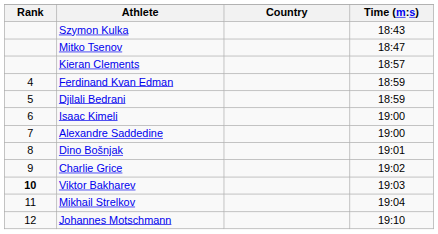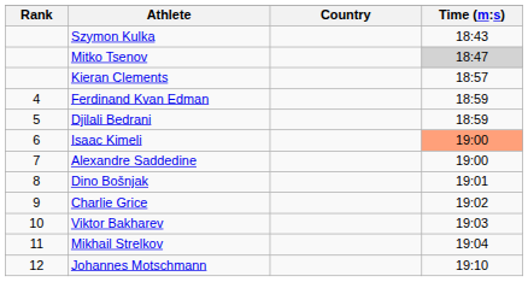 <table class="wikitable" style="width:50%;">
 <tr>
 </tr>
 <tr>
 <th width=5%>Rank</th>
 <th width=20%>Athlete</th>
 <th width=15%>Country</th>
 <th width=10%>Time (<a href='#'>m</a>:<a href='#'>s</a>)</th>
 </tr>
 <tr style="text-align:center;">
 <td></td>
 <td style="text-align:left;"><a href='#'>Szymon Kulka</a></td>
 <td style="text-align:left;"></td>
 <td>18:43</td>
 </tr>
 <tr style="text-align:center;">
 <td></td>
 <td style="text-align:left;"><a href='#'>Mitko Tsenov</a></td>
 <td style="text-align:left;"></td>
-<td>18:47</td>
+<td style="background: lightgrey;">18:47</td>
 </tr>
 <tr style="text-align:center;">
 <td></td>
 <td style="text-align:left;"><a href='#'>Kieran Clements</a></td>
 <td style="text-align:left;"></td>
 <td>18:57</td>
 </tr>
 <tr style="text-align:center;">
 <td>4</td>
 <td style="text-align:left;"><a href='#'>Ferdinand Kvan Edman</a></td>
 <td style="text-align:left;"></td>
 <td>18:59</td>
 </tr>
 <tr style="text-align:center;">
 <td>5</td>
 <td style="text-align:left;"><a href='#'>Djilali Bedrani</a></td>
 <td style="text-align:left;"></td>
 <td>18:59</td>
 </tr>
 <tr style="text-align:center;">
 <td>6</td>
 <td style="text-align:left;"><a href='#'>Isaac Kimeli</a></td>
 <td style="text-align:left;"></td>
-<td>19:00</td>
+<td style="background: lightsalmon;">19:00</td>
 </tr>
 <tr style="text-align:center;">
 <td>7</td>
 <td style="text-align:left;"><a href='#'>Alexandre Saddedine</a></td>
 <td style="text-align:left;"></td>
 <td>19:00</td>
 </tr>
 <tr style="text-align:center;">
 <td>8</td>
 <td style="text-align:left;"><a href='#'>Dino Bošnjak</a></td>
 <td style="text-align:left;"></td>
 <td>19:01</td>
 </tr>
 <tr style="text-align:center;">
 <td>9</td>
 <td style="text-align:left;"><a href='#'>Charlie Grice</a></td>
 <td style="text-align:left;"></td>
 <td>19:02</td>
 </tr>
 <tr style="text-align:center;">
-<td><strong>10</strong></td>
+<td>10</td>
 <td style="text-align:left;"><a href='#'>Viktor Bakharev</a></td>
 <td style="text-align:left;"></td>
 <td>19:03</td>
 </tr>
 <tr style="text-align:center;">
 <td>11</td>
 <td style="text-align:left;"><a href='#'>Mikhail Strelkov</a></td>
 <td style="text-align:left;"></td>
 <td>19:04</td>
 </tr>
 <tr style="text-align:center;">
 <td>12</td>
 <td style="text-align:left;"><a href='#'>Johannes Motschmann</a></td>
 <td style="text-align:left;"></td>
 <td>19:10</td>
 </tr>
 </table>
